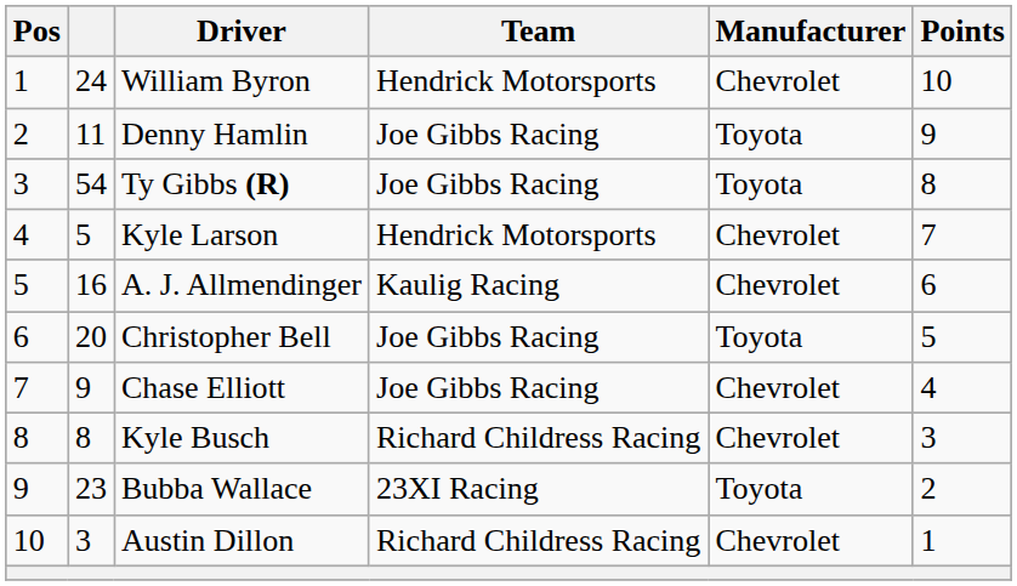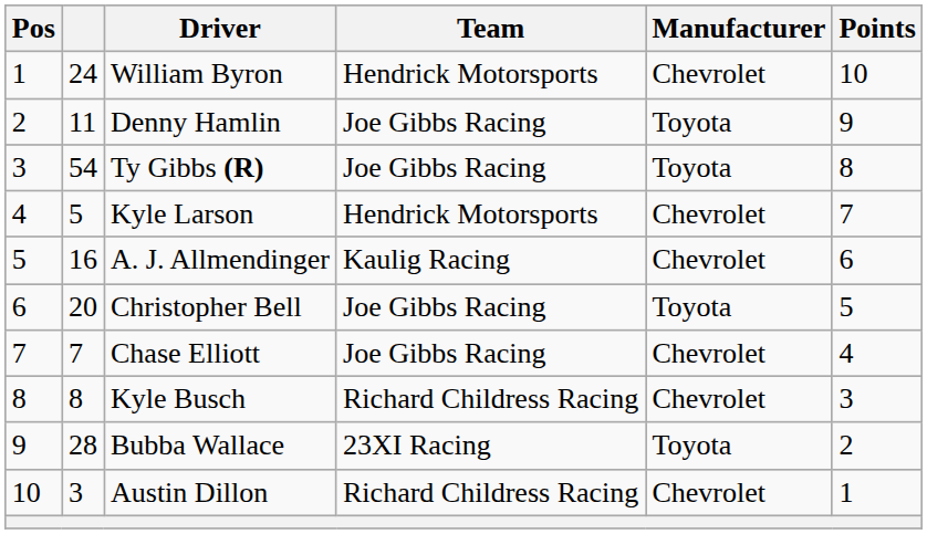 <table class="wikitable" style="font-size:98%">
 <tr>
 <th>Pos</th>
 <th></th>
 <th>Driver</th>
 <th>Team</th>
 <th>Manufacturer</th>
 <th>Points</th>
 </tr>
 <tr>
 <td>1</td>
 <td>24</td>
 <td>William Byron</td>
 <td>Hendrick Motorsports</td>
 <td>Chevrolet</td>
 <td>10</td>
 </tr>
 <tr>
 <td>2</td>
 <td>11</td>
 <td>Denny Hamlin</td>
 <td>Joe Gibbs Racing</td>
 <td>Toyota</td>
 <td>9</td>
 </tr>
 <tr>
 <td>3</td>
 <td>54</td>
 <td>Ty Gibbs <strong>(R)</strong></td>
 <td>Joe Gibbs Racing</td>
 <td>Toyota</td>
 <td>8</td>
 </tr>
 <tr>
 <td>4</td>
 <td>5</td>
 <td>Kyle Larson</td>
 <td>Hendrick Motorsports</td>
 <td>Chevrolet</td>
 <td>7</td>
 </tr>
 <tr>
 <td>5</td>
 <td>16</td>
 <td>A. J. Allmendinger</td>
 <td>Kaulig Racing</td>
 <td>Chevrolet</td>
 <td>6</td>
 </tr>
 <tr>
 <td>6</td>
 <td>20</td>
 <td>Christopher Bell</td>
 <td>Joe Gibbs Racing</td>
 <td>Toyota</td>
 <td>5</td>
 </tr>
 <tr>
 <td>7</td>
-<td>9</td>
+<td>7</td>
 <td>Chase Elliott</td>
 <td>Joe Gibbs Racing</td>
 <td>Chevrolet</td>
 <td>4</td>
 </tr>
 <tr>
 <td>8</td>
 <td>8</td>
 <td>Kyle Busch</td>
 <td>Richard Childress Racing</td>
 <td>Chevrolet</td>
 <td>3</td>
 </tr>
 <tr>
 <td>9</td>
-<td>23</td>
+<td>28</td>
 <td>Bubba Wallace</td>
 <td>23XI Racing</td>
 <td>Toyota</td>
 <td>2</td>
 </tr>
 <tr>
 <td>10</td>
 <td>3</td>
 <td>Austin Dillon</td>
 <td>Richard Childress Racing</td>
 <td>Chevrolet</td>
 <td>1</td>
 </tr>
 <tr>
 <th colspan="6"></th>
 </tr>
 </table>
